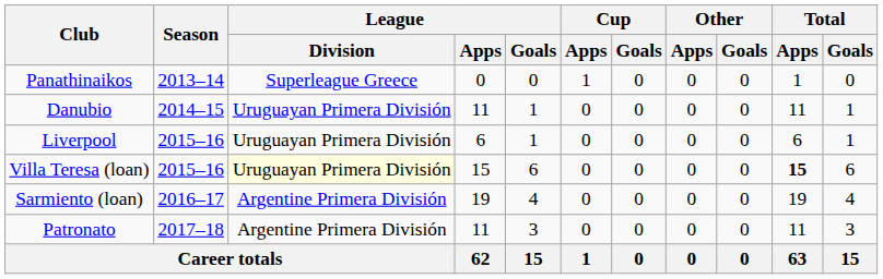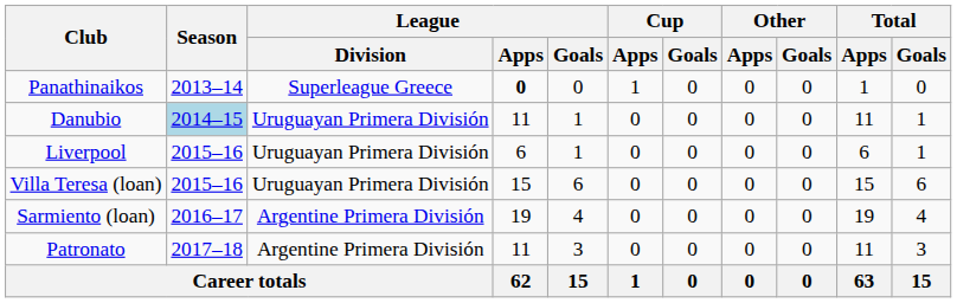 <table class="wikitable" style="text-align: center">
 <tr>
 <th rowspan="2">Club</th>
 <th rowspan="2">Season</th>
 <th colspan="3">League</th>
 <th colspan="2">Cup</th>
 <th colspan="2">Other</th>
 <th colspan="2">Total</th>
 </tr>
 <tr>
 <th>Division</th>
 <th>Apps</th>
 <th>Goals</th>
 <th>Apps</th>
 <th>Goals</th>
 <th>Apps</th>
 <th>Goals</th>
 <th>Apps</th>
 <th>Goals</th>
 </tr>
 <tr>
 <td><a href='#'>Panathinaikos</a></td>
 <td><a href='#'>2013–14</a></td>
 <td><a href='#'>Superleague Greece</a></td>
-<td>0</td>
+<td><strong>0</strong></td>
 <td>0</td>
 <td>1</td>
 <td>0</td>
 <td>0</td>
 <td>0</td>
 <td>1</td>
 <td>0</td>
 </tr>
 <tr>
 <td><a href='#'>Danubio</a></td>
-<td><a href='#'>2014–15</a></td>
+<td style="background: lightblue;"><a href='#'>2014–15</a></td>
 <td><a href='#'>Uruguayan Primera División</a></td>
 <td>11</td>
 <td>1</td>
 <td>0</td>
 <td>0</td>
 <td>0</td>
 <td>0</td>
 <td>11</td>
 <td>1</td>
 </tr>
 <tr>
 <td><a href='#'>Liverpool</a></td>
 <td><a href='#'>2015–16</a></td>
 <td>Uruguayan Primera División</td>
 <td>6</td>
 <td>1</td>
 <td>0</td>
 <td>0</td>
 <td>0</td>
 <td>0</td>
 <td>6</td>
 <td>1</td>
 </tr>
 <tr>
 <td><a href='#'>Villa Teresa</a> (loan)</td>
 <td><a href='#'>2015–16</a></td>
-<td style="background: lightyellow;">Uruguayan Primera División</td>
+<td>Uruguayan Primera División</td>
 <td>15</td>
 <td>6</td>
 <td>0</td>
 <td>0</td>
 <td>0</td>
 <td>0</td>
-<td><strong>15</strong></td>
+<td>15</td>
 <td>6</td>
 </tr>
 <tr>
 <td><a href='#'>Sarmiento</a> (loan)</td>
 <td><a href='#'>2016–17</a></td>
 <td><a href='#'>Argentine Primera División</a></td>
 <td>19</td>
 <td>4</td>
 <td>0</td>
 <td>0</td>
 <td>0</td>
 <td>0</td>
 <td>19</td>
 <td>4</td>
 </tr>
 <tr>
 <td><a href='#'>Patronato</a></td>
 <td><a href='#'>2017–18</a></td>
 <td>Argentine Primera División</td>
 <td>11</td>
 <td>3</td>
 <td>0</td>
 <td>0</td>
 <td>0</td>
 <td>0</td>
 <td>11</td>
 <td>3</td>
 </tr>
 <tr>
 <th colspan="3">Career totals</th>
 <th>62</th>
 <th>15</th>
 <th>1</th>
 <th>0</th>
 <th>0</th>
 <th>0</th>
 <th>63</th>
 <th>15</th>
 </tr>
 </table>
